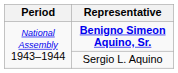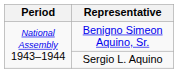 <table class="wikitable" style="text-align:center; width:40%;">
 <tr>
 <th width="40%">Period</th>
 <th>Representative</th>
 </tr>
 <tr>
 <td rowspan="2"><small><a href='#'><em>National Assembly</em></a></small><br>1943–1944</td>
-<td><strong><a href='#'>Benigno Simeon Aquino, Sr.</a></strong></td>
+<td><a href='#'>Benigno Simeon Aquino, Sr.</a></td>
 </tr>
 <tr>
 <td>Sergio L. Aquino</td>
 </tr>
 </table>
